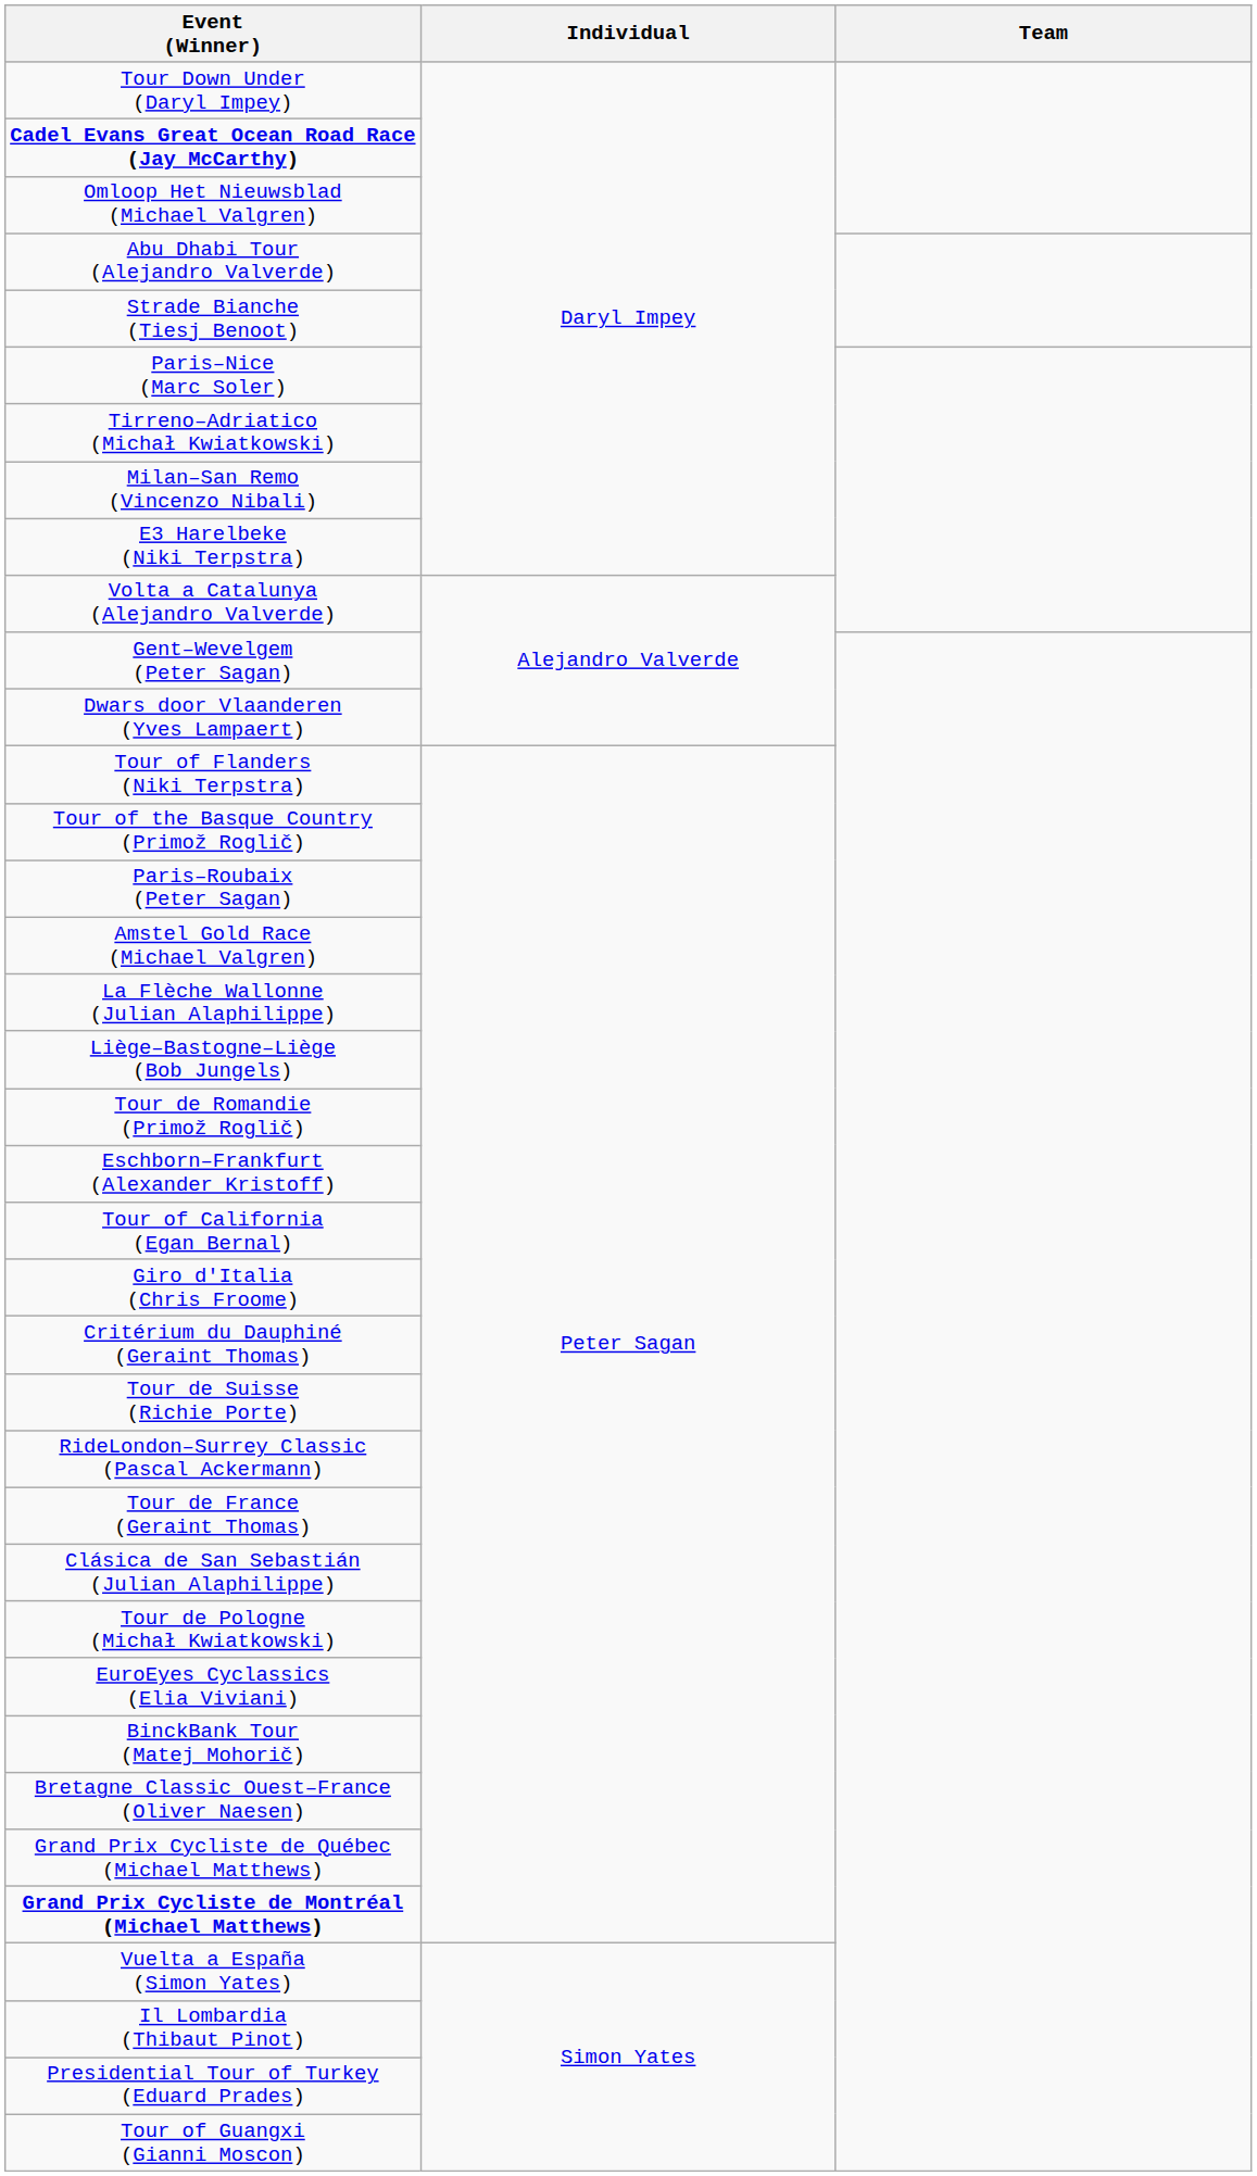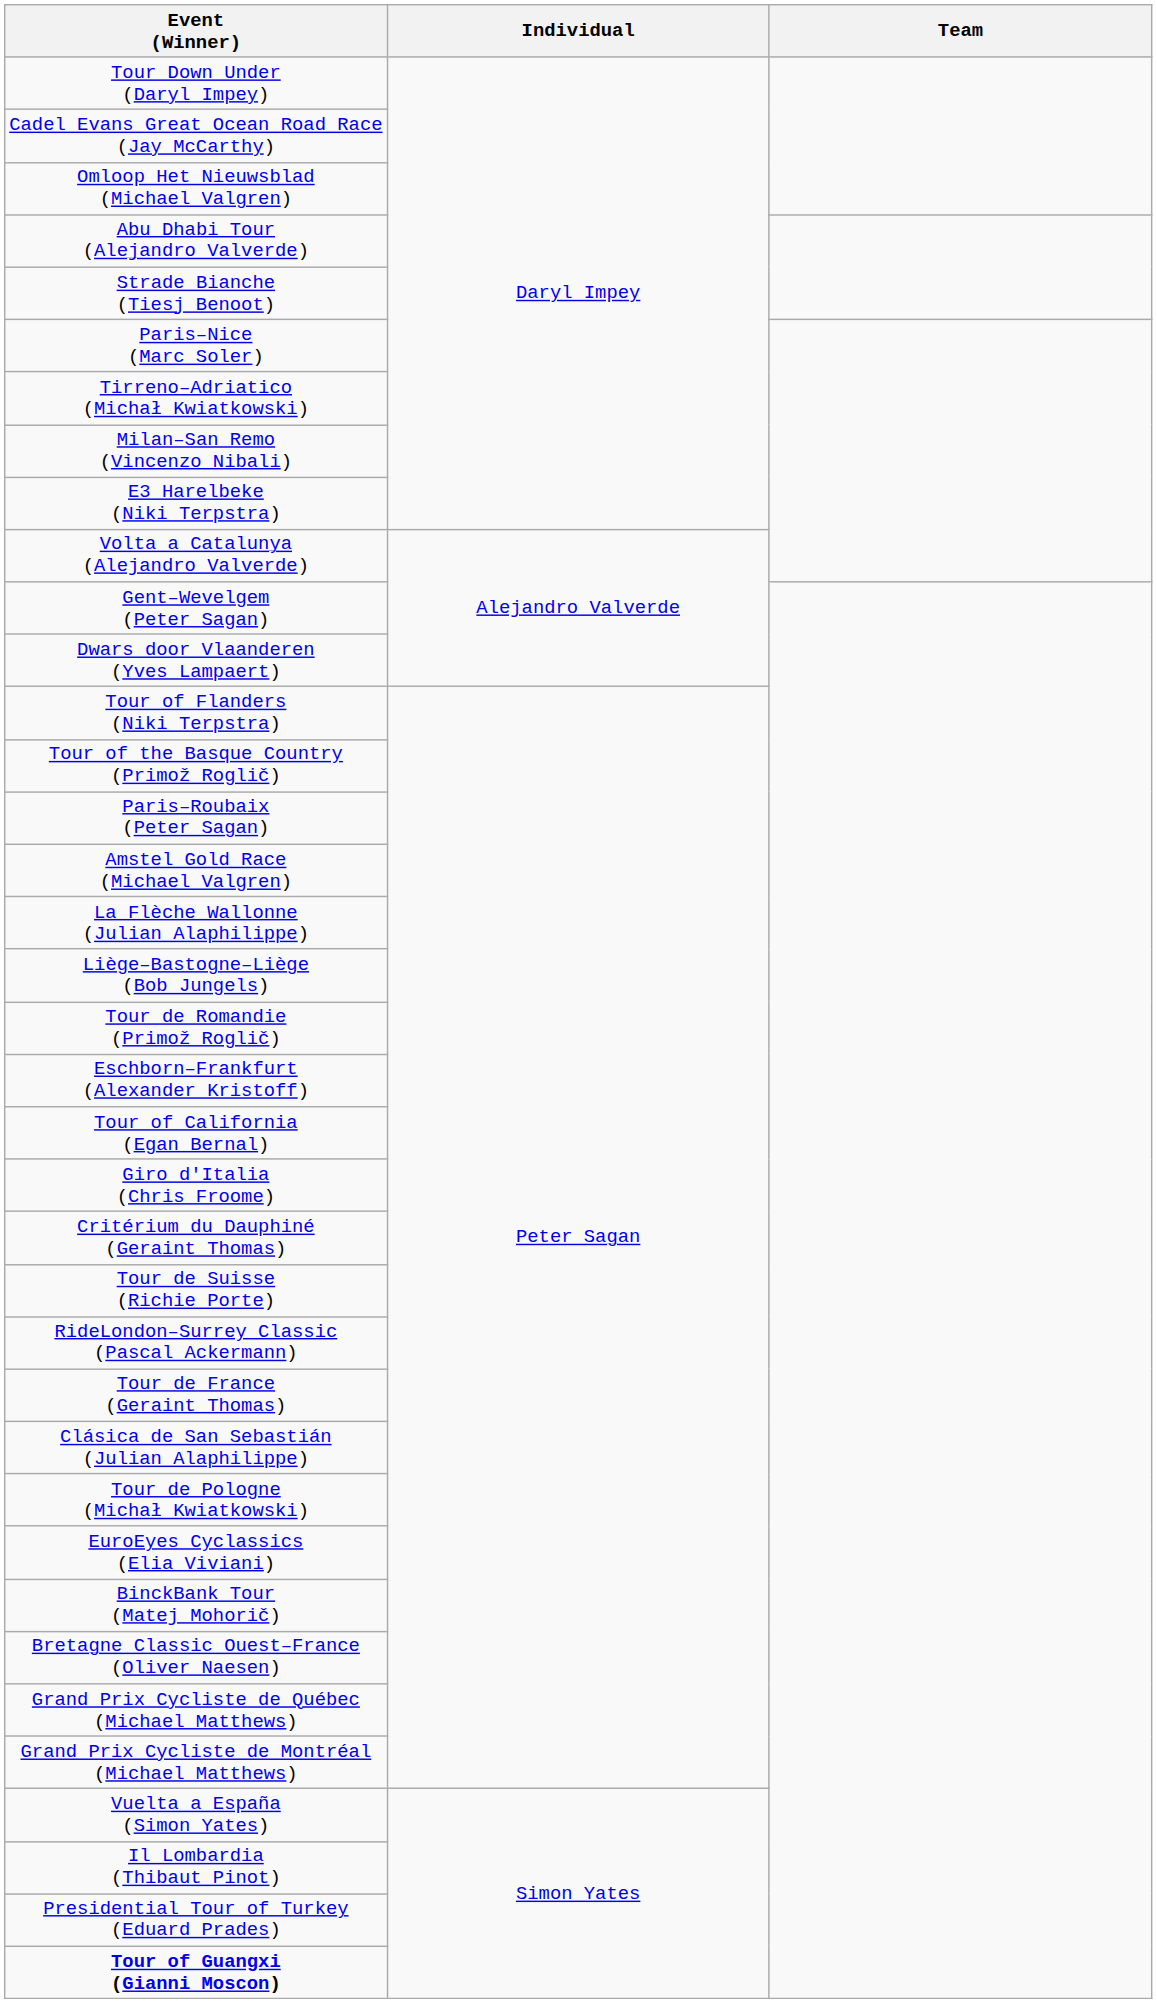 <table class="wikitable" style="text-align: center;">
 <tr>
 <th style="width:33.33%;">Event<br>(Winner)</th>
 <th style="width:33.33%;">Individual</th>
 <th style="width:33.33%;">Team</th>
 </tr>
 <tr>
 <td><a href='#'>Tour Down Under</a><br>(<a href='#'>Daryl Impey</a>)</td>
 <td rowspan=9><a href='#'>Daryl Impey</a></td>
 <td rowspan=3></td>
 </tr>
 <tr>
-<td><strong><a href='#'>Cadel Evans Great Ocean Road Race</a><br>(<a href='#'>Jay McCarthy</a>)</strong></td>
+<td><a href='#'>Cadel Evans Great Ocean Road Race</a><br>(<a href='#'>Jay McCarthy</a>)</td>
 </tr>
 <tr>
 <td><a href='#'>Omloop Het Nieuwsblad</a><br>(<a href='#'>Michael Valgren</a>)</td>
 </tr>
 <tr>
 <td><a href='#'>Abu Dhabi Tour</a><br>(<a href='#'>Alejandro Valverde</a>)</td>
 <td rowspan=2></td>
 </tr>
 <tr>
 <td><a href='#'>Strade Bianche</a><br>(<a href='#'>Tiesj Benoot</a>)</td>
 </tr>
 <tr>
 <td><a href='#'>Paris–Nice</a><br>(<a href='#'>Marc Soler</a>)</td>
 <td rowspan=5></td>
 </tr>
 <tr>
 <td><a href='#'>Tirreno–Adriatico</a><br>(<a href='#'>Michał Kwiatkowski</a>)</td>
 </tr>
 <tr>
 <td><a href='#'>Milan–San Remo</a><br>(<a href='#'>Vincenzo Nibali</a>)</td>
 </tr>
 <tr>
 <td><a href='#'>E3 Harelbeke</a><br>(<a href='#'>Niki Terpstra</a>)</td>
 </tr>
 <tr>
 <td><a href='#'>Volta a Catalunya</a><br>(<a href='#'>Alejandro Valverde</a>)</td>
 <td rowspan=3><a href='#'>Alejandro Valverde</a></td>
 </tr>
 <tr>
 <td><a href='#'>Gent–Wevelgem</a><br>(<a href='#'>Peter Sagan</a>)</td>
 <td rowspan=27></td>
 </tr>
 <tr>
 <td><a href='#'>Dwars door Vlaanderen</a><br>(<a href='#'>Yves Lampaert</a>)</td>
 </tr>
 <tr>
 <td><a href='#'>Tour of Flanders</a><br>(<a href='#'>Niki Terpstra</a>)</td>
 <td rowspan=21><a href='#'>Peter Sagan</a></td>
 </tr>
 <tr>
 <td><a href='#'>Tour of the Basque Country</a><br>(<a href='#'>Primož Roglič</a>)</td>
 </tr>
 <tr>
 <td><a href='#'>Paris–Roubaix</a><br>(<a href='#'>Peter Sagan</a>)</td>
 </tr>
 <tr>
 <td><a href='#'>Amstel Gold Race</a><br>(<a href='#'>Michael Valgren</a>)</td>
 </tr>
 <tr>
 <td><a href='#'>La Flèche Wallonne</a><br>(<a href='#'>Julian Alaphilippe</a>)</td>
 </tr>
 <tr>
 <td><a href='#'>Liège–Bastogne–Liège</a><br>(<a href='#'>Bob Jungels</a>)</td>
 </tr>
 <tr>
 <td><a href='#'>Tour de Romandie</a><br>(<a href='#'>Primož Roglič</a>)</td>
 </tr>
 <tr>
 <td><a href='#'>Eschborn–Frankfurt</a><br>(<a href='#'>Alexander Kristoff</a>)</td>
 </tr>
 <tr>
 <td><a href='#'>Tour of California</a><br>(<a href='#'>Egan Bernal</a>)</td>
 </tr>
 <tr>
 <td><a href='#'>Giro d'Italia</a><br>(<a href='#'>Chris Froome</a>)</td>
 </tr>
 <tr>
 <td><a href='#'>Critérium du Dauphiné</a><br>(<a href='#'>Geraint Thomas</a>)</td>
 </tr>
 <tr>
 <td><a href='#'>Tour de Suisse</a><br>(<a href='#'>Richie Porte</a>)</td>
 </tr>
 <tr>
 <td><a href='#'>RideLondon–Surrey Classic</a><br>(<a href='#'>Pascal Ackermann</a>)</td>
 </tr>
 <tr>
 <td><a href='#'>Tour de France</a><br>(<a href='#'>Geraint Thomas</a>)</td>
 </tr>
 <tr>
 <td><a href='#'>Clásica de San Sebastián</a><br>(<a href='#'>Julian Alaphilippe</a>)</td>
 </tr>
 <tr>
 <td><a href='#'>Tour de Pologne</a><br>(<a href='#'>Michał Kwiatkowski</a>)</td>
 </tr>
 <tr>
 <td><a href='#'>EuroEyes Cyclassics</a><br>(<a href='#'>Elia Viviani</a>)</td>
 </tr>
 <tr>
 <td><a href='#'>BinckBank Tour</a><br>(<a href='#'>Matej Mohorič</a>)</td>
 </tr>
 <tr>
 <td><a href='#'>Bretagne Classic Ouest–France</a><br>(<a href='#'>Oliver Naesen</a>)</td>
 </tr>
 <tr>
 <td><a href='#'>Grand Prix Cycliste de Québec</a><br>(<a href='#'>Michael Matthews</a>)</td>
 </tr>
 <tr>
-<td><strong><a href='#'>Grand Prix Cycliste de Montréal</a><br>(<a href='#'>Michael Matthews</a>)</strong></td>
+<td><a href='#'>Grand Prix Cycliste de Montréal</a><br>(<a href='#'>Michael Matthews</a>)</td>
 </tr>
 <tr>
 <td><a href='#'>Vuelta a España</a><br>(<a href='#'>Simon Yates</a>)</td>
 <td rowspan=4><a href='#'>Simon Yates</a></td>
 </tr>
 <tr>
 <td><a href='#'>Il Lombardia</a><br>(<a href='#'>Thibaut Pinot</a>)</td>
 </tr>
 <tr>
 <td><a href='#'>Presidential Tour of Turkey</a><br>(<a href='#'>Eduard Prades</a>)</td>
 </tr>
 <tr>
-<td><a href='#'>Tour of Guangxi</a><br>(<a href='#'>Gianni Moscon</a>)</td>
+<td><strong><a href='#'>Tour of Guangxi</a><br>(<a href='#'>Gianni Moscon</a>)</strong></td>
 </tr>
 </table>
